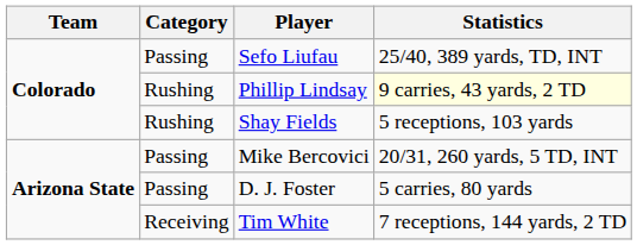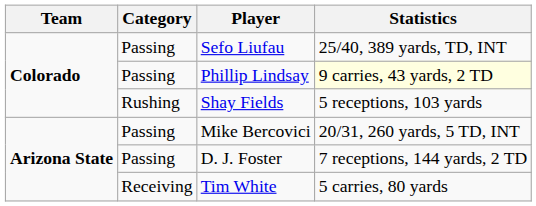 <table class="wikitable" style="float: right;">
 <tr>
 <th>Team</th>
 <th>Category</th>
 <th>Player</th>
 <th>Statistics</th>
 </tr>
 <tr>
 <td rowspan=3><strong>Colorado</strong></td>
 <td>Passing</td>
 <td><a href='#'>Sefo Liufau</a></td>
 <td>25/40, 389 yards, TD, INT</td>
 </tr>
 <tr>
-<td>Rushing</td>
+<td>Passing</td>
 <td><a href='#'>Phillip Lindsay</a></td>
 <td style="background: lightyellow;">9 carries, 43 yards, 2 TD</td>
 </tr>
 <tr>
 <td>Rushing</td>
 <td><a href='#'>Shay Fields</a></td>
 <td>5 receptions, 103 yards</td>
 </tr>
 <tr>
 <td rowspan=3><strong>Arizona State</strong></td>
 <td>Passing</td>
 <td>Mike Bercovici</td>
 <td>20/31, 260 yards, 5 TD, INT</td>
 </tr>
 <tr>
 <td>Passing</td>
 <td>D. J. Foster</td>
-<td>5 carries, 80 yards</td>
+<td>7 receptions, 144 yards, 2 TD</td>
 </tr>
 <tr>
 <td>Receiving</td>
 <td><a href='#'>Tim White</a></td>
-<td>7 receptions, 144 yards, 2 TD</td>
+<td>5 carries, 80 yards</td>
 </tr>
 </table>
